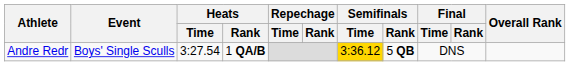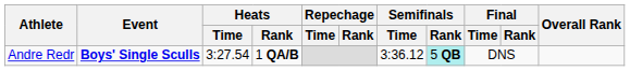 <table class="wikitable" style="font-size:90%">
 <tr>
 <th rowspan="2">Athlete</th>
 <th rowspan="2">Event</th>
 <th colspan="2">Heats</th>
 <th colspan="2">Repechage</th>
 <th colspan="2">Semifinals</th>
 <th colspan="2">Final</th>
 <th rowspan="2">Overall Rank</th>
 </tr>
 <tr>
 <th>Time</th>
 <th>Rank</th>
 <th>Time</th>
 <th>Rank</th>
 <th>Time</th>
 <th>Rank</th>
 <th>Time</th>
 <th>Rank</th>
 </tr>
 <tr>
 <td><a href='#'>Andre Redr</a></td>
-<td><a href='#'>Boys' Single Sculls</a></td>
+<td><strong><a href='#'>Boys' Single Sculls</a></strong></td>
 <td align=center>3:27.54</td>
 <td align=center>1 <strong>QA/B</strong></td>
 <td colspan="2" style="background:#dcdcdc;"></td>
-<td align=center style="background: gold;">3:36.12</td>
-<td align=center>5 <strong>QB</strong></td>
+<td align=center>3:36.12</td>
+<td align=center style="background: paleturquoise;">5 <strong>QB</strong></td>
 <td style="text-align:center;" colspan="2">DNS</td>
 <td align=center></td>
 </tr>
 </table>
